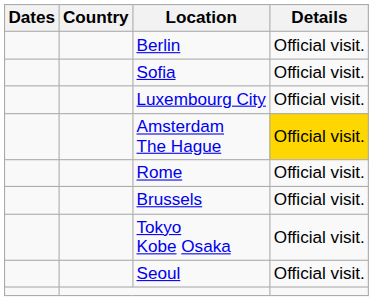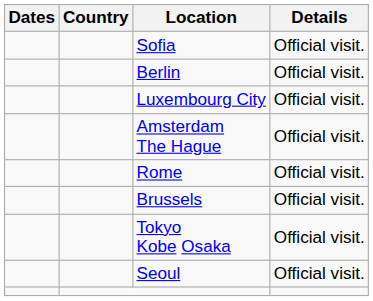 <table class="wikitable sortable mw-collapsible">
 <tr>
 <th scope=col>Dates</th>
 <th scope=col>Country</th>
 <th scope=col>Location</th>
 <th scope=col>Details</th>
 </tr>
 <tr>
 <td></td>
 <td></td>
-<td><a href='#'>Berlin</a></td>
+<td><a href='#'>Sofia</a></td>
 <td>Official visit.</td>
 </tr>
 <tr>
 <td></td>
 <td></td>
-<td><a href='#'>Sofia</a></td>
+<td><a href='#'>Berlin</a></td>
 <td>Official visit.</td>
 </tr>
 <tr>
 <td></td>
 <td></td>
 <td><a href='#'>Luxembourg City</a></td>
 <td>Official visit.</td>
 </tr>
 <tr>
 <td></td>
 <td></td>
 <td><a href='#'>Amsterdam</a><br><a href='#'>The Hague</a></td>
-<td style="background: gold;">Official visit.</td>
+<td>Official visit.</td>
 </tr>
 <tr>
 <td></td>
 <td></td>
 <td><a href='#'>Rome</a></td>
 <td>Official visit.</td>
 </tr>
 <tr>
 <td></td>
 <td></td>
 <td><a href='#'>Brussels</a></td>
 <td>Official visit.</td>
 </tr>
 <tr>
 <td></td>
 <td></td>
 <td><a href='#'>Tokyo</a><br><a href='#'>Kobe</a> <a href='#'>Osaka</a></td>
 <td>Official visit.</td>
 </tr>
 <tr>
 <td></td>
 <td></td>
 <td><a href='#'>Seoul</a></td>
 <td>Official visit.</td>
 </tr>
 <tr>
 <td></td>
 <td colspan="2"></td>
 <td></td>
 </tr>
 </table>
